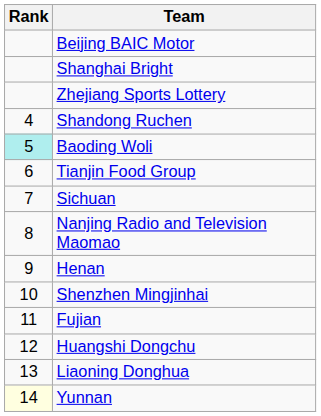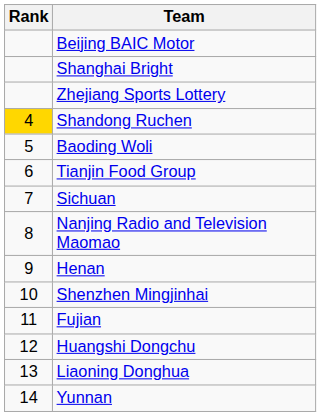 <table class="wikitable" style="text-align:center">
 <tr>
 <th width=40>Rank</th>
 <th width=250>Team</th>
 </tr>
 <tr>
 <td></td>
 <td style="text-align:left"><a href='#'>Beijing BAIC Motor</a></td>
 </tr>
 <tr>
 <td></td>
 <td style="text-align:left"><a href='#'>Shanghai Bright</a></td>
 </tr>
 <tr>
 <td></td>
 <td style="text-align:left"><a href='#'>Zhejiang Sports Lottery</a></td>
 </tr>
 <tr>
-<td>4</td>
+<td style="background: gold;">4</td>
 <td style="text-align:left"><a href='#'>Shandong Ruchen</a></td>
 </tr>
 <tr>
-<td style="background: paleturquoise;">5</td>
+<td>5</td>
 <td style="text-align:left"><a href='#'>Baoding Woli</a></td>
 </tr>
 <tr>
 <td>6</td>
 <td style="text-align:left"><a href='#'>Tianjin Food Group</a></td>
 </tr>
 <tr>
 <td>7</td>
 <td style="text-align:left"><a href='#'>Sichuan</a></td>
 </tr>
 <tr>
 <td>8</td>
 <td style="text-align:left"><a href='#'>Nanjing Radio and Television Maomao</a></td>
 </tr>
 <tr>
 <td>9</td>
 <td style="text-align:left"><a href='#'>Henan</a></td>
 </tr>
 <tr>
 <td>10</td>
 <td style="text-align:left"><a href='#'>Shenzhen Mingjinhai</a></td>
 </tr>
 <tr>
 <td>11</td>
 <td style="text-align:left"><a href='#'>Fujian</a></td>
 </tr>
 <tr>
 <td>12</td>
 <td style="text-align:left"><a href='#'>Huangshi Dongchu</a></td>
 </tr>
 <tr>
 <td>13</td>
 <td style="text-align:left"><a href='#'>Liaoning Donghua</a></td>
 </tr>
 <tr>
-<td style="background: lightyellow;">14</td>
+<td>14</td>
 <td style="text-align:left"><a href='#'>Yunnan</a></td>
 </tr>
 </table>
